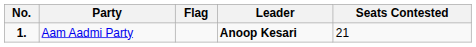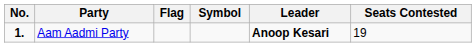 <table class="wikitable"  " width="50%">
 <tr>
 <th>No.</th>
 <th>Party</th>
 <th>Flag</th>
+<th>Symbol</th>
 <th>Leader</th>
 <th>Seats Contested</th>
 </tr>
 <tr>
 <td ! style="text-align:center; background:"><strong>1.</strong></td>
 <td><a href='#'>Aam Aadmi Party</a></td>
 <td></td>
+<td></td>
 <td><strong>Anoop Kesari</strong></td>
-<td>21</td>
+<td>19</td>
 </tr>
 </table>
